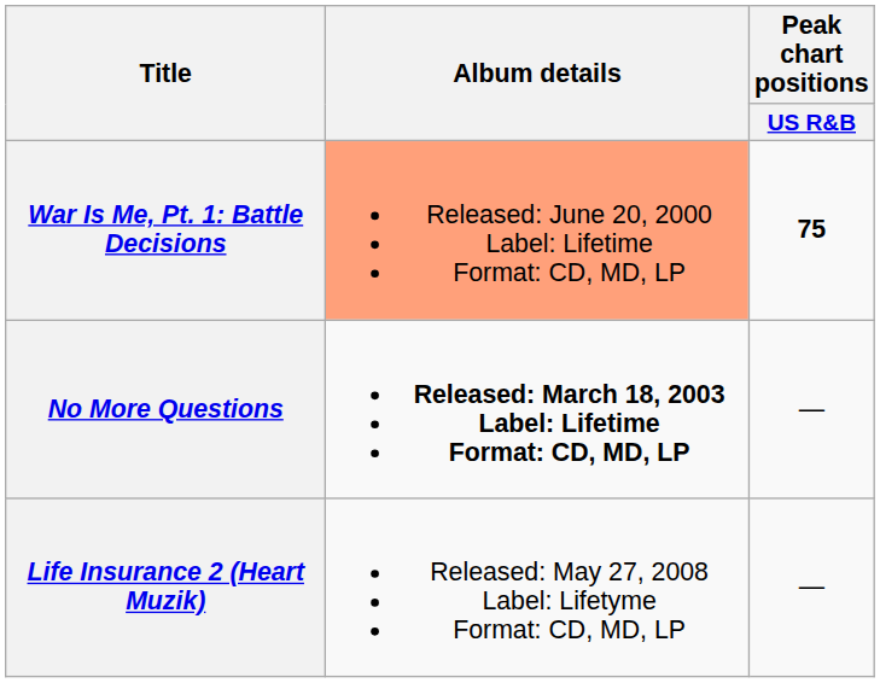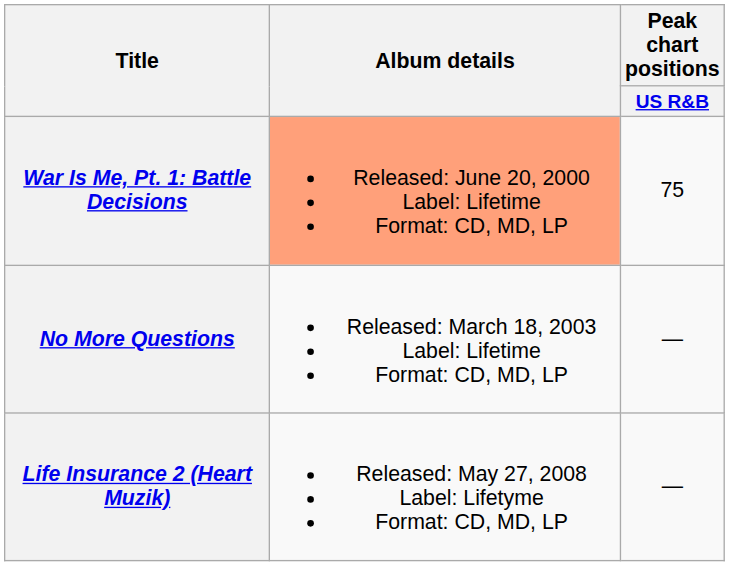 <table class="wikitable plainrowheaders" style="text-align:center;">
 <tr>
 <th scope="col" rowspan="2" style="width:12em;">Title</th>
 <th scope="col" rowspan="2" style="width:16em;">Album details</th>
 <th scope="col" colspan="2">Peak chart positions</th>
 </tr>
 <tr>
 <th scope="col" style="width:3em;font-size:90%;"><a href='#'>US R&B</a><br></th>
 </tr>
 <tr>
 <th scope="row"><em><a href='#'>War Is Me, Pt. 1: Battle Decisions</a></em></th>
 <td style="background: lightsalmon;"><br><ul><li>Released: June 20, 2000</li><li>Label: Lifetime</li><li>Format: CD, MD, LP</li></ul></td>
-<td><strong>75</strong></td>
+<td>75</td>
 </tr>
 <tr>
 <th scope="row"><em><a href='#'>No More Questions</a></em></th>
-<td><strong><br><ul><li>Released: March 18, 2003</li><li>Label: Lifetime</li><li>Format: CD, MD, LP</li></ul></strong></td>
+<td><br><ul><li>Released: March 18, 2003</li><li>Label: Lifetime</li><li>Format: CD, MD, LP</li></ul></td>
 <td>—</td>
 </tr>
 <tr>
 <th scope="row"><em><a href='#'>Life Insurance 2 (Heart Muzik)</a></em></th>
 <td><br><ul><li>Released: May 27, 2008</li><li>Label: Lifetyme</li><li>Format: CD, MD, LP</li></ul></td>
 <td>—</td>
 </tr>
 </table>
